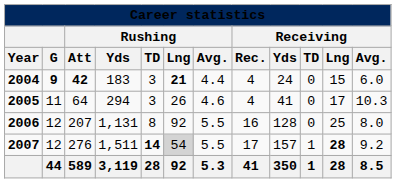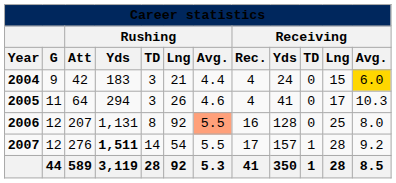 <table class="wikitable">
 <tr bgcolor="#00275D">
 <td colspan="12" align="center"><span><strong>Career statistics</strong></span></td>
 </tr>
 <tr>
 <th colspan="2" align="center"></th>
 <th colspan="5" align="center"><strong>Rushing</strong></th>
 <th colspan="5" align="center"><strong>Receiving</strong></th>
 </tr>
 <tr align="center">
 <th>Year</th>
 <th>G</th>
 <th>Att</th>
 <th>Yds</th>
 <th>TD</th>
 <th>Lng</th>
 <th>Avg.</th>
 <th>Rec.</th>
 <th>Yds</th>
 <th>TD</th>
 <th>Lng</th>
 <th>Avg.</th>
 </tr>
 <tr align="center">
 <td><strong>2004</strong></td>
-<td><strong>9</strong></td>
-<td><strong>42</strong></td>
+<td>9</td>
+<td>42</td>
 <td>183</td>
 <td>3</td>
-<td><strong>21</strong></td>
+<td>21</td>
 <td>4.4</td>
 <td>4</td>
 <td>24</td>
 <td>0</td>
 <td>15</td>
-<td>6.0</td>
+<td style="background: gold;">6.0</td>
 </tr>
 <tr align="center">
 <td><strong>2005</strong></td>
 <td>11</td>
 <td>64</td>
 <td>294</td>
 <td>3</td>
 <td>26</td>
 <td>4.6</td>
 <td>4</td>
 <td>41</td>
 <td>0</td>
 <td>17</td>
 <td>10.3</td>
 </tr>
 <tr align="center">
 <td><strong>2006</strong></td>
 <td>12</td>
 <td>207</td>
 <td>1,131</td>
 <td>8</td>
 <td>92</td>
-<td>5.5</td>
+<td style="background: lightsalmon;">5.5</td>
 <td>16</td>
 <td>128</td>
 <td>0</td>
 <td>25</td>
 <td>8.0</td>
 </tr>
 <tr align="center">
 <td><strong>2007</strong></td>
 <td>12</td>
 <td>276</td>
-<td>1,511</td>
-<td><strong>14</strong></td>
-<td style="background: lightgrey;">54</td>
+<td><strong>1,511</strong></td>
+<td>14</td>
+<td>54</td>
 <td>5.5</td>
 <td>17</td>
 <td>157</td>
 <td>1</td>
-<td><strong>28</strong></td>
+<td>28</td>
 <td>9.2</td>
 </tr>
 <tr align="center">
 <th><strong></strong></th>
 <th>44</th>
 <th>589</th>
 <th>3,119</th>
 <th>28</th>
 <th>92</th>
 <th>5.3</th>
 <th>41</th>
 <th>350</th>
 <th>1</th>
 <th>28</th>
 <th>8.5</th>
 </tr>
 </table>
